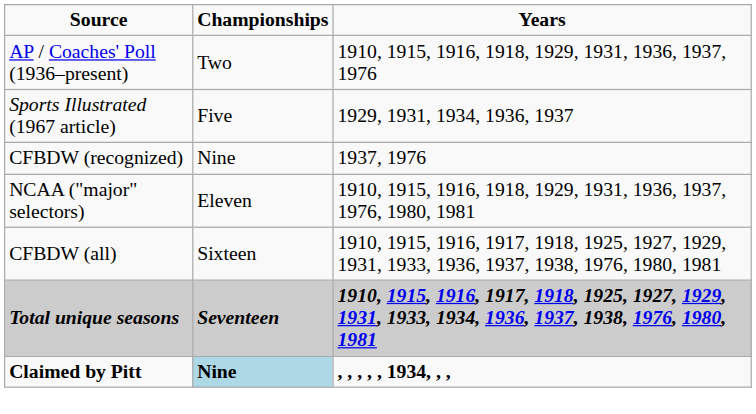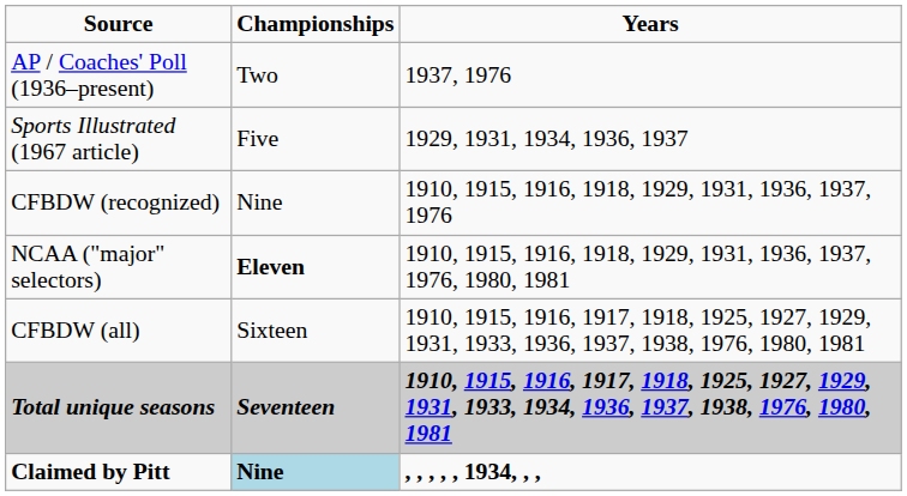 <table class="wikitable">
 <tr style="text-align:center;">
 <td><strong>Source</strong></td>
 <td><strong>Championships</strong></td>
 <td><strong>Years</strong></td>
 </tr>
 <tr>
 <td><a href='#'>AP</a> / <a href='#'>Coaches' Poll</a> (1936–present)</td>
 <td>Two</td>
-<td>1910, 1915, 1916, 1918, 1929, 1931, 1936, 1937, 1976</td>
+<td>1937, 1976</td>
 </tr>
 <tr>
 <td><em>Sports Illustrated</em> (1967 article)</td>
 <td>Five</td>
 <td>1929, 1931, 1934, 1936, 1937</td>
 </tr>
 <tr>
 <td>CFBDW (recognized)</td>
 <td>Nine</td>
-<td>1937, 1976</td>
+<td>1910, 1915, 1916, 1918, 1929, 1931, 1936, 1937, 1976</td>
 </tr>
 <tr>
 <td>NCAA ("major" selectors)</td>
-<td>Eleven</td>
+<td><strong>Eleven</strong></td>
 <td>1910, 1915, 1916, 1918, 1929, 1931, 1936, 1937, 1976, 1980, 1981</td>
 </tr>
 <tr>
 <td>CFBDW (all)</td>
 <td>Sixteen</td>
 <td>1910, 1915, 1916, 1917, 1918, 1925, 1927, 1929, 1931, 1933, 1936, 1937, 1938, 1976, 1980, 1981</td>
 </tr>
 <tr>
 <td style="background:#ccc;"><strong><em>Total unique seasons</em></strong></td>
 <td style="background:#ccc;"><strong><em>Seventeen</em></strong></td>
 <td style="background:#ccc;"><strong><em>1910, <a href='#'>1915</a>, <a href='#'>1916</a>, 1917, <a href='#'>1918</a>, 1925, 1927, <a href='#'>1929</a>, <a href='#'>1931</a>, 1933, 1934, <a href='#'>1936</a>, <a href='#'>1937</a>, 1938, <a href='#'>1976</a>, <a href='#'>1980</a>, <a href='#'>1981</a></em></strong></td>
 </tr>
 <tr>
 <td><strong>Claimed by Pitt</strong></td>
 <td style="background: lightblue;"><strong>Nine</strong></td>
 <td><strong><a href='#'></a>, <a href='#'></a>, <a href='#'></a>, <a href='#'></a>, <a href='#'></a>, 1934, <a href='#'></a>, <a href='#'></a>, <a href='#'></a></strong></td>
 </tr>
 </table>
